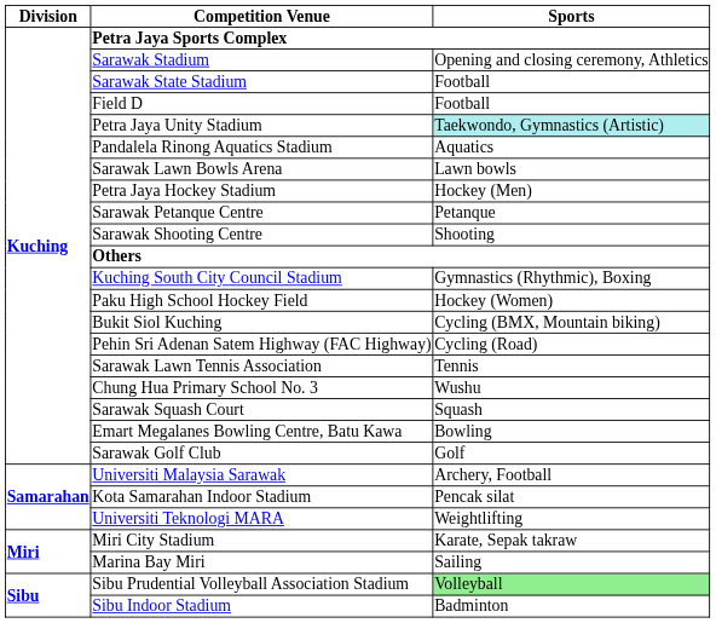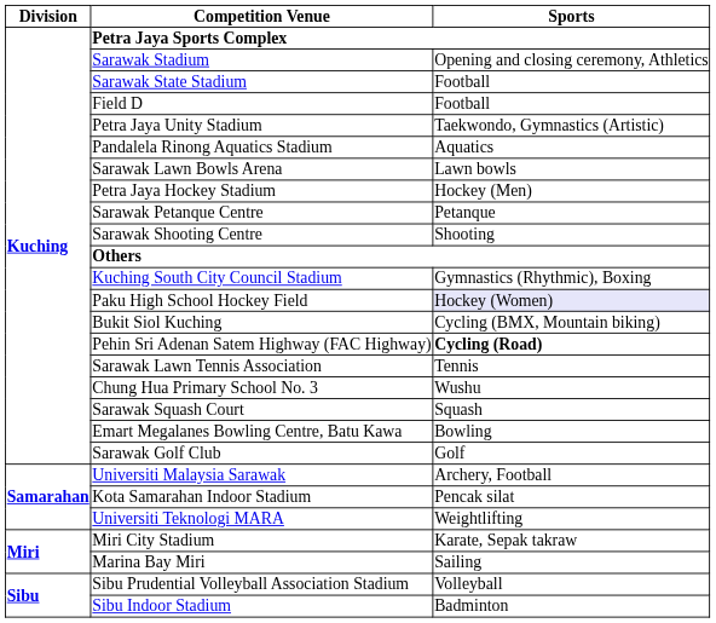 <table border=1 style="border-collapse:collapse; text-align:left; font-size:100%; border:2px black;">
 <tr style="text-align:center; color:black; font-weight:bold; background:white;">
 <td>Division</td>
 <td>Competition Venue</td>
 <td>Sports</td>
 </tr>
 <tr>
 <th rowspan=20><a href='#'>Kuching</a></th>
 <th colspan=2>Petra Jaya Sports Complex</th>
 </tr>
 <tr>
 <td><a href='#'>Sarawak Stadium</a></td>
 <td>Opening and closing ceremony, Athletics</td>
 </tr>
 <tr>
 <td><a href='#'>Sarawak State Stadium</a></td>
 <td>Football</td>
 </tr>
 <tr>
 <td>Field D</td>
 <td>Football</td>
 </tr>
 <tr>
 <td>Petra Jaya Unity Stadium</td>
-<td style="background: paleturquoise;">Taekwondo, Gymnastics (Artistic)</td>
+<td>Taekwondo, Gymnastics (Artistic)</td>
 </tr>
 <tr>
 <td>Pandalela Rinong Aquatics Stadium</td>
 <td>Aquatics</td>
 </tr>
 <tr>
 <td>Sarawak Lawn Bowls Arena</td>
 <td>Lawn bowls</td>
 </tr>
 <tr>
 <td>Petra Jaya Hockey Stadium</td>
 <td>Hockey (Men)</td>
 </tr>
 <tr>
 <td>Sarawak Petanque Centre</td>
 <td>Petanque</td>
 </tr>
 <tr>
 <td>Sarawak Shooting Centre</td>
 <td>Shooting</td>
 </tr>
 <tr>
 <th Colspan=2>Others</th>
 </tr>
 <tr>
 <td><a href='#'>Kuching South City Council Stadium</a></td>
 <td>Gymnastics (Rhythmic), Boxing</td>
 </tr>
 <tr>
 <td>Paku High School Hockey Field</td>
-<td>Hockey (Women)</td>
+<td style="background: lavender;">Hockey (Women)</td>
 </tr>
 <tr>
 <td>Bukit Siol Kuching</td>
 <td>Cycling (BMX, Mountain biking)</td>
 </tr>
 <tr>
 <td>Pehin Sri Adenan Satem Highway (FAC Highway)</td>
-<td>Cycling (Road)</td>
+<td><strong>Cycling (Road)</strong></td>
 </tr>
 <tr>
 <td>Sarawak Lawn Tennis Association</td>
 <td>Tennis</td>
 </tr>
 <tr>
 <td>Chung Hua Primary School No. 3</td>
 <td>Wushu</td>
 </tr>
 <tr>
 <td>Sarawak Squash Court</td>
 <td>Squash</td>
 </tr>
 <tr>
 <td>Emart Megalanes Bowling Centre, Batu Kawa</td>
 <td>Bowling</td>
 </tr>
 <tr>
 <td>Sarawak Golf Club</td>
 <td>Golf</td>
 </tr>
 <tr>
 <th rowspan=3><a href='#'>Samarahan</a></th>
 <td><a href='#'>Universiti Malaysia Sarawak</a></td>
 <td>Archery, Football</td>
 </tr>
 <tr>
 <td>Kota Samarahan Indoor Stadium</td>
 <td>Pencak silat</td>
 </tr>
 <tr>
 <td><a href='#'>Universiti Teknologi MARA</a></td>
 <td>Weightlifting</td>
 </tr>
 <tr>
 <th rowspan=2><a href='#'>Miri</a></th>
 <td>Miri City Stadium</td>
 <td>Karate, Sepak takraw</td>
 </tr>
 <tr>
 <td>Marina Bay Miri</td>
 <td>Sailing</td>
 </tr>
 <tr>
 <th rowspan=2><a href='#'>Sibu</a></th>
 <td>Sibu Prudential Volleyball Association Stadium</td>
-<td style="background: lightgreen;">Volleyball</td>
+<td>Volleyball</td>
 </tr>
 <tr>
 <td><a href='#'>Sibu Indoor Stadium</a></td>
 <td>Badminton</td>
 </tr>
 </table>
